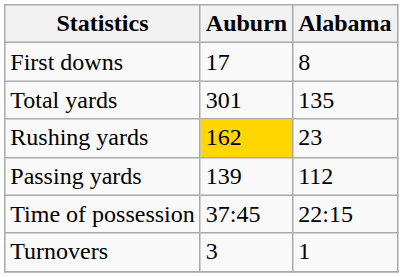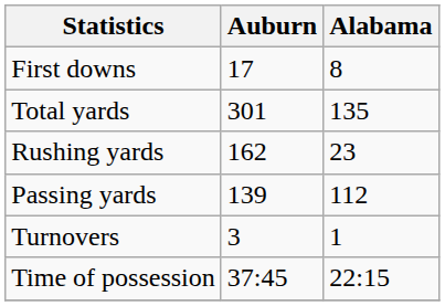 <table class="wikitable" style="float: left;">
 <tr>
 <th>Statistics</th>
 <th style=>Auburn</th>
 <th>Alabama</th>
 </tr>
 <tr>
 <td>First downs</td>
 <td>17</td>
 <td>8</td>
 </tr>
 <tr>
 <td>Total yards</td>
 <td>301</td>
 <td>135</td>
 </tr>
 <tr>
 <td>Rushing yards</td>
-<td style="background: gold;">162</td>
+<td>162</td>
 <td>23</td>
 </tr>
 <tr>
 <td>Passing yards</td>
 <td>139</td>
 <td>112</td>
 </tr>
 <tr>
+<td>Turnovers</td>
+<td>3</td>
+<td>1</td>
+</tr>
+<tr>
 <td>Time of possession</td>
 <td>37:45</td>
 <td>22:15</td>
 </tr>
 <tr>
-<td>Turnovers</td>
-<td>3</td>
-<td>1</td>
-</tr>
-<tr>
 </tr>
 </table>
